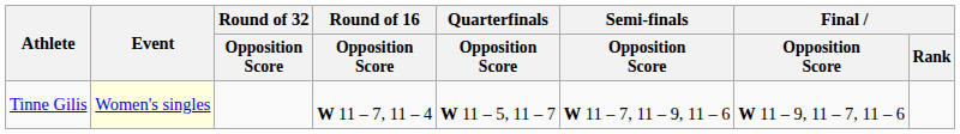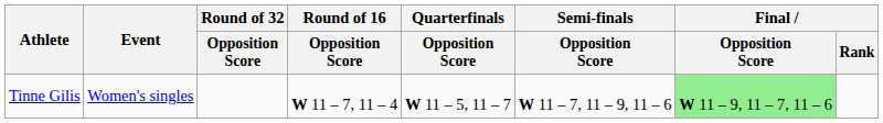 <table class="wikitable" style="font-size:90%">
 <tr>
 <th rowspan=2>Athlete</th>
 <th rowspan=2>Event</th>
 <th>Round of 32</th>
 <th>Round of 16</th>
 <th>Quarterfinals</th>
 <th>Semi-finals</th>
 <th colspan=2>Final / </th>
 </tr>
 <tr style="font-size:95%">
 <th>Opposition<br>Score</th>
 <th>Opposition<br>Score</th>
 <th>Opposition<br>Score</th>
 <th>Opposition<br>Score</th>
 <th>Opposition<br>Score</th>
 <th>Rank</th>
 </tr>
 <tr align=center>
 <td align=left><a href='#'>Tinne Gilis</a></td>
-<td align=left style="background: lightyellow;"><a href='#'>Women's singles</a></td>
+<td align=left><a href='#'>Women's singles</a></td>
 <td></td>
 <td><br> <strong>W</strong> 11 – 7, 11 – 4</td>
 <td><br> <strong>W</strong> 11 – 5, 11 – 7</td>
 <td><br> <strong>W</strong> 11 – 7, 11 – 9, 11 – 6</td>
-<td><br> <strong>W</strong> 11 – 9, 11 – 7, 11 – 6</td>
+<td style="background: lightgreen;"><br> <strong>W</strong> 11 – 9, 11 – 7, 11 – 6</td>
 <td></td>
 </tr>
 </table>
